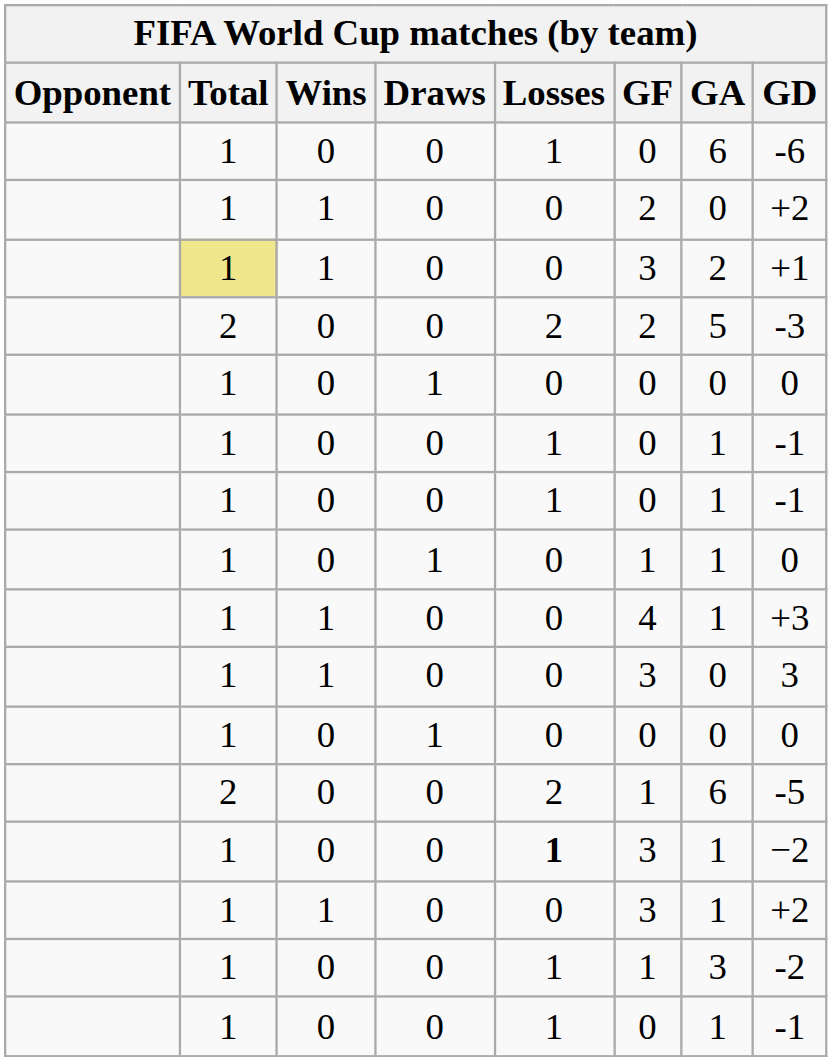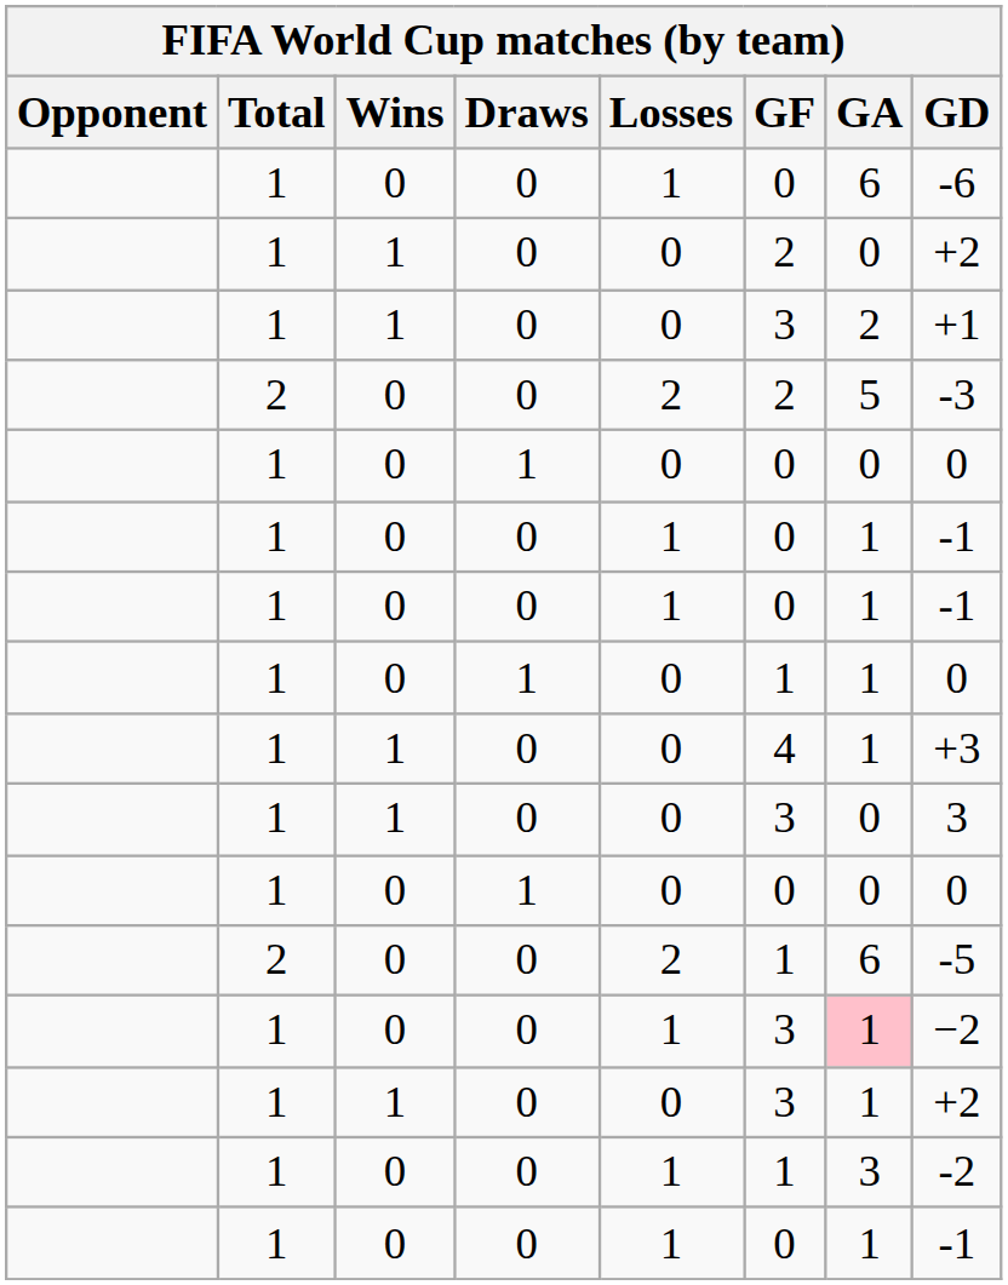 <table class="wikitable sortable" style="text-align: center;">
 <tr>
 <th colspan=8>FIFA World Cup matches (by team)</th>
 </tr>
 <tr>
 <th>Opponent</th>
 <th>Total</th>
 <th>Wins</th>
 <th>Draws</th>
 <th>Losses</th>
 <th>GF</th>
 <th>GA</th>
 <th>GD</th>
 </tr>
 <tr>
 <td align="left"></td>
 <td>1</td>
 <td>0</td>
 <td>0</td>
 <td>1</td>
 <td>0</td>
 <td>6</td>
 <td>-6</td>
 </tr>
 <tr>
 <td align="left"></td>
 <td>1</td>
 <td>1</td>
 <td>0</td>
 <td>0</td>
 <td>2</td>
 <td>0</td>
 <td>+2</td>
 </tr>
 <tr>
 <td align="left"></td>
-<td style="background: khaki;">1</td>
+<td>1</td>
 <td>1</td>
 <td>0</td>
 <td>0</td>
 <td>3</td>
 <td>2</td>
 <td>+1</td>
 </tr>
 <tr>
 <td align="left"></td>
 <td>2</td>
 <td>0</td>
 <td>0</td>
 <td>2</td>
 <td>2</td>
 <td>5</td>
 <td>-3</td>
 </tr>
 <tr>
 <td align="left"></td>
 <td>1</td>
 <td>0</td>
 <td>1</td>
 <td>0</td>
 <td>0</td>
 <td>0</td>
 <td>0</td>
 </tr>
 <tr>
 <td align="left"></td>
 <td>1</td>
 <td>0</td>
 <td>0</td>
 <td>1</td>
 <td>0</td>
 <td>1</td>
 <td>-1</td>
 </tr>
 <tr>
 <td align="left"></td>
 <td>1</td>
 <td>0</td>
 <td>0</td>
 <td>1</td>
 <td>0</td>
 <td>1</td>
 <td>-1</td>
 </tr>
 <tr>
 <td align="left"></td>
 <td>1</td>
 <td>0</td>
 <td>1</td>
 <td>0</td>
 <td>1</td>
 <td>1</td>
 <td>0</td>
 </tr>
 <tr>
 <td align="left"></td>
 <td>1</td>
 <td>1</td>
 <td>0</td>
 <td>0</td>
 <td>4</td>
 <td>1</td>
 <td>+3</td>
 </tr>
 <tr>
 <td align="left"></td>
 <td>1</td>
 <td>1</td>
 <td>0</td>
 <td>0</td>
 <td>3</td>
 <td>0</td>
 <td>3</td>
 </tr>
 <tr>
 <td align="left"></td>
 <td>1</td>
 <td>0</td>
 <td>1</td>
 <td>0</td>
 <td>0</td>
 <td>0</td>
 <td>0</td>
 </tr>
 <tr>
 <td align="left"></td>
 <td>2</td>
 <td>0</td>
 <td>0</td>
 <td>2</td>
 <td>1</td>
 <td>6</td>
 <td>-5</td>
 </tr>
 <tr>
 <td align="left"></td>
 <td>1</td>
 <td>0</td>
 <td>0</td>
-<td><strong>1</strong></td>
+<td>1</td>
 <td>3</td>
-<td>1</td>
+<td style="background: pink;">1</td>
 <td>−2</td>
 </tr>
 <tr>
 <td align="left"></td>
 <td>1</td>
 <td>1</td>
 <td>0</td>
 <td>0</td>
 <td>3</td>
 <td>1</td>
 <td>+2</td>
 </tr>
 <tr>
 <td align="left"></td>
 <td>1</td>
 <td>0</td>
 <td>0</td>
 <td>1</td>
 <td>1</td>
 <td>3</td>
 <td>-2</td>
 </tr>
 <tr>
 <td align="left"></td>
 <td>1</td>
 <td>0</td>
 <td>0</td>
 <td>1</td>
 <td>0</td>
 <td>1</td>
 <td>-1</td>
 </tr>
 </table>
